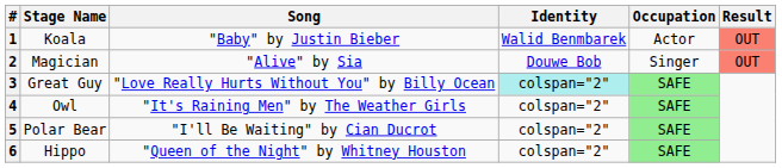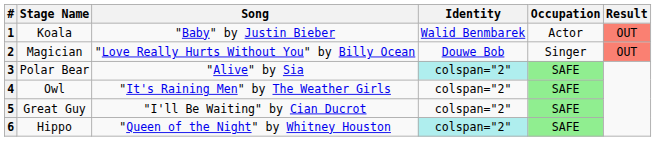 <table class="wikitable plainrowheaders" style="text-align: center;">
 <tr>
 <th><strong>#</strong></th>
 <th><strong>Stage Name</strong></th>
 <th><strong>Song</strong></th>
 <th>Identity</th>
 <th><strong>Occupation</strong></th>
 <th>Result</th>
 </tr>
 <tr>
 <th>1</th>
 <td>Koala</td>
 <td>"<a href='#'>Baby</a>" by <a href='#'>Justin Bieber</a></td>
 <td><a href='#'>Walid Benmbarek</a></td>
 <td>Actor</td>
 <td bgcolor="salmon">OUT</td>
 </tr>
 <tr>
 <th>2</th>
 <td>Magician</td>
-<td>"<a href='#'>Alive</a>" by <a href='#'>Sia</a></td>
+<td>"<a href='#'>Love Really Hurts Without You</a>" by <a href='#'>Billy Ocean</a></td>
 <td><a href='#'>Douwe Bob</a></td>
 <td>Singer</td>
 <td bgcolor="salmon">OUT</td>
 </tr>
 <tr>
 <th>3</th>
-<td>Great Guy</td>
-<td>"<a href='#'>Love Really Hurts Without You</a>" by <a href='#'>Billy Ocean</a></td>
+<td>Polar Bear</td>
+<td>"<a href='#'>Alive</a>" by <a href='#'>Sia</a></td>
 <td style="background: paleturquoise;">colspan="2" </td>
 <td bgcolor="lightgreen">SAFE</td>
 </tr>
 <tr>
 <th>4</th>
 <td>Owl</td>
 <td>"<a href='#'>It's Raining Men</a>" by <a href='#'>The Weather Girls</a></td>
 <td>colspan="2" </td>
 <td bgcolor="lightgreen">SAFE</td>
 </tr>
 <tr>
 <th>5</th>
-<td>Polar Bear</td>
+<td>Great Guy</td>
 <td>"I'll Be Waiting" by <a href='#'>Cian Ducrot</a></td>
 <td>colspan="2" </td>
 <td bgcolor="lightgreen">SAFE</td>
 </tr>
 <tr>
 <th>6</th>
 <td>Hippo</td>
 <td>"<a href='#'>Queen of the Night</a>" by <a href='#'>Whitney Houston</a></td>
-<td>colspan="2" </td>
+<td style="background: paleturquoise;">colspan="2" </td>
 <td bgcolor="lightgreen">SAFE</td>
 </tr>
 </table>
